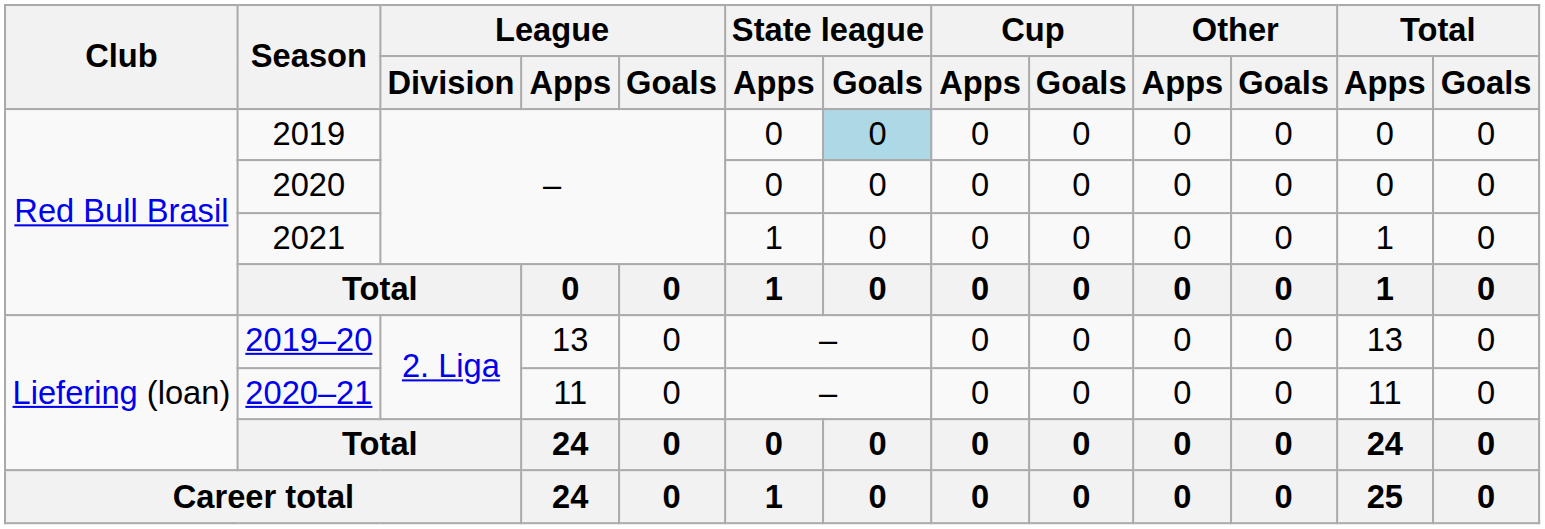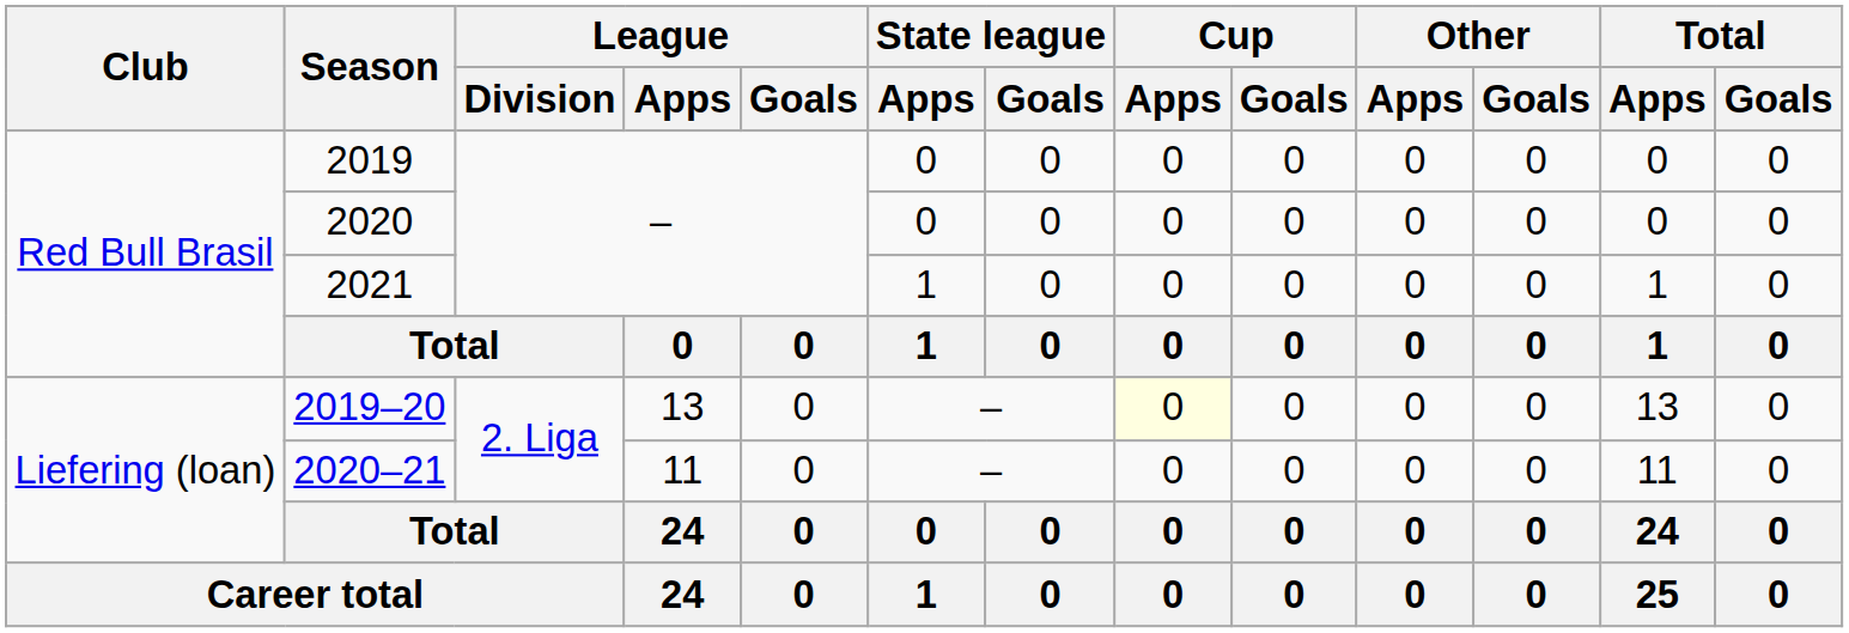 <table class="wikitable" style="text-align: center">
 <tr>
 <th rowspan="2">Club</th>
 <th rowspan="2">Season</th>
 <th colspan="3">League</th>
 <th colspan="2">State league</th>
 <th colspan="2">Cup</th>
 <th colspan="2">Other</th>
 <th colspan="2">Total</th>
 </tr>
 <tr>
 <th>Division</th>
 <th>Apps</th>
 <th>Goals</th>
 <th>Apps</th>
 <th>Goals</th>
 <th>Apps</th>
 <th>Goals</th>
 <th>Apps</th>
 <th>Goals</th>
 <th>Apps</th>
 <th>Goals</th>
 </tr>
 <tr>
 <td rowspan="4"><a href='#'>Red Bull Brasil</a></td>
 <td>2019</td>
 <td rowspan="3" colspan="3">–</td>
 <td>0</td>
-<td style="background: lightblue;">0</td>
+<td>0</td>
 <td>0</td>
 <td>0</td>
 <td>0</td>
 <td>0</td>
 <td>0</td>
 <td>0</td>
 </tr>
 <tr>
 <td>2020</td>
 <td>0</td>
 <td>0</td>
 <td>0</td>
 <td>0</td>
 <td>0</td>
 <td>0</td>
 <td>0</td>
 <td>0</td>
 </tr>
 <tr>
 <td>2021</td>
 <td>1</td>
 <td>0</td>
 <td>0</td>
 <td>0</td>
 <td>0</td>
 <td>0</td>
 <td>1</td>
 <td>0</td>
 </tr>
 <tr>
 <th colspan="2"><strong>Total</strong></th>
 <th>0</th>
 <th>0</th>
 <th>1</th>
 <th>0</th>
 <th>0</th>
 <th>0</th>
 <th>0</th>
 <th>0</th>
 <th>1</th>
 <th>0</th>
 </tr>
 <tr>
 <td rowspan="3"><a href='#'>Liefering</a> (loan)</td>
 <td><a href='#'>2019–20</a></td>
 <td rowspan="2"><a href='#'>2. Liga</a></td>
 <td>13</td>
 <td>0</td>
 <td colspan="2">–</td>
-<td>0</td>
+<td style="background: lightyellow;">0</td>
 <td>0</td>
 <td>0</td>
 <td>0</td>
 <td>13</td>
 <td>0</td>
 </tr>
 <tr>
 <td><a href='#'>2020–21</a></td>
 <td>11</td>
 <td>0</td>
 <td colspan="2">–</td>
 <td>0</td>
 <td>0</td>
 <td>0</td>
 <td>0</td>
 <td>11</td>
 <td>0</td>
 </tr>
 <tr>
 <th colspan="2"><strong>Total</strong></th>
 <th>24</th>
 <th>0</th>
 <th>0</th>
 <th>0</th>
 <th>0</th>
 <th>0</th>
 <th>0</th>
 <th>0</th>
 <th>24</th>
 <th>0</th>
 </tr>
 <tr>
 <th colspan="3"><strong>Career total</strong></th>
 <th>24</th>
 <th>0</th>
 <th>1</th>
 <th>0</th>
 <th>0</th>
 <th>0</th>
 <th>0</th>
 <th>0</th>
 <th>25</th>
 <th>0</th>
 </tr>
 </table>
